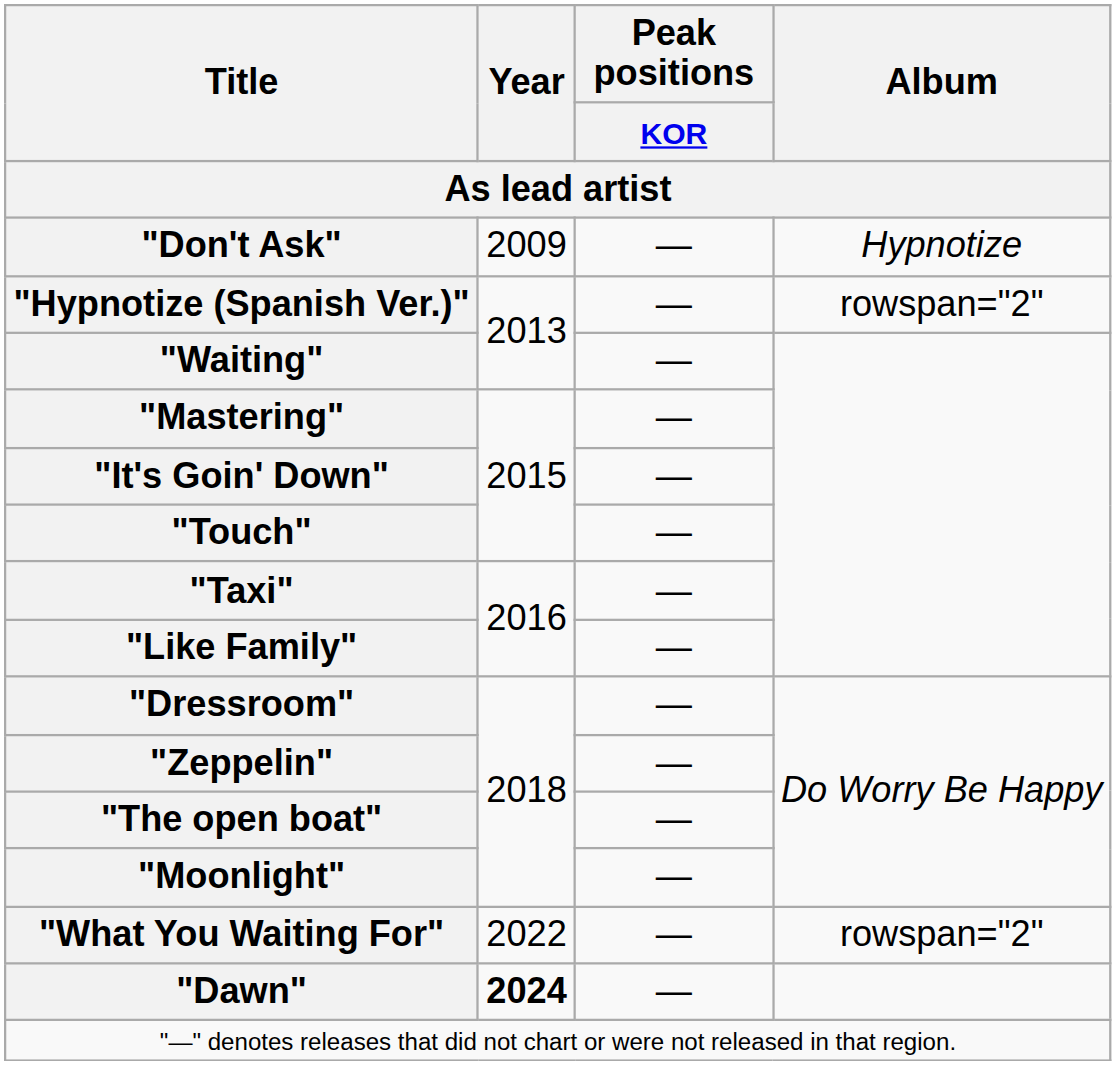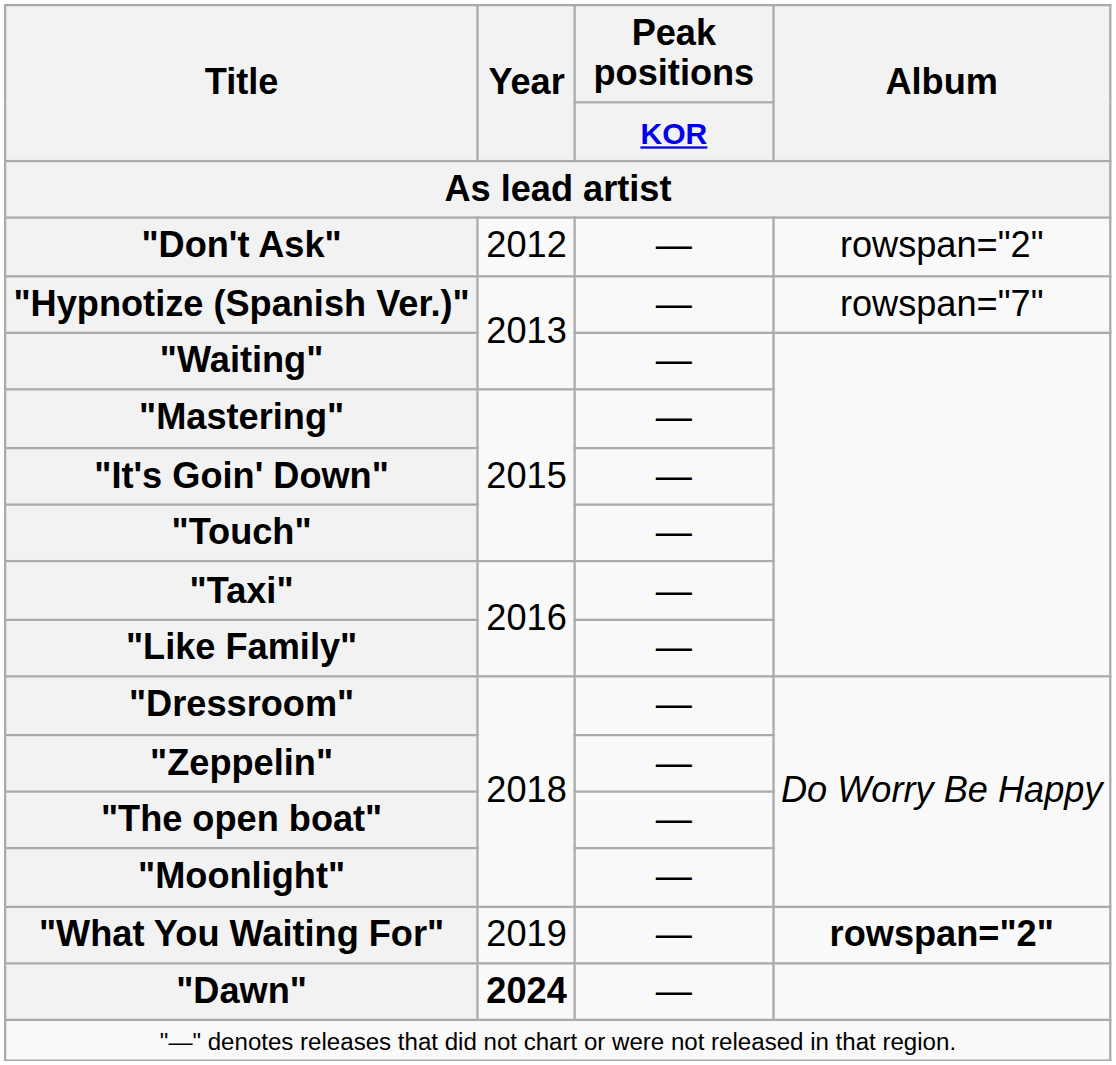 <table class="wikitable plainrowheaders" style="text-align:center;">
 <tr>
 <th scope="col" rowspan="2">Title</th>
 <th scope="col" rowspan="2">Year</th>
 <th scope="col" colspan="1" style="width:5em;">Peak positions</th>
 <th scope="col" rowspan="2">Album</th>
 </tr>
 <tr>
 <th><small><a href='#'>KOR</a></small><br></th>
 </tr>
 <tr>
 <th scope="col" colspan="5">As lead artist</th>
 </tr>
 <tr>
 <th scope="row">"Don't Ask"   </th>
-<td>2009</td>
+<td>2012</td>
 <td>—</td>
-<td><em>Hypnotize</em></td>
+<td>rowspan="2" </td>
 </tr>
 <tr>
 <th scope="row">"Hypnotize (Spanish Ver.)" </th>
 <td rowspan="2">2013</td>
 <td>—</td>
-<td>rowspan="2" </td>
+<td>rowspan="7" </td>
 </tr>
 <tr>
 <th scope="row">"Waiting"  </th>
 <td>—</td>
 </tr>
 <tr>
 <th scope="row">"Mastering" </th>
 <td rowspan="3">2015</td>
 <td>—</td>
 </tr>
 <tr>
 <th scope="row">"It's Goin' Down" </th>
 <td>—</td>
 </tr>
 <tr>
 <th scope="row">"Touch"</th>
 <td>—</td>
 </tr>
 <tr>
 <th scope="row">"Taxi"</th>
 <td rowspan="2">2016</td>
 <td>—</td>
 </tr>
 <tr>
 <th scope="row">"Like Family" </th>
 <td>—</td>
 </tr>
 <tr>
 <th scope="row">"Dressroom" </th>
 <td rowspan="4">2018</td>
 <td>—</td>
 <td rowspan="4"><em>Do Worry Be Happy</em></td>
 </tr>
 <tr>
 <th scope="row">"Zeppelin" </th>
 <td>—</td>
 </tr>
 <tr>
 <th scope="row">"The open boat"  </th>
 <td>—</td>
 </tr>
 <tr>
 <th scope="row">"Moonlight"   </th>
 <td>—</td>
 </tr>
 <tr>
 <th scope="row">"What You Waiting For"  </th>
-<td>2022</td>
+<td>2019</td>
 <td>—</td>
-<td>rowspan="2" </td>
+<td><strong>rowspan="2" </strong></td>
 </tr>
 <tr>
 <th scope="row">"Dawn"</th>
 <td><strong>2024</strong></td>
 <td>—</td>
 </tr>
 <tr>
 <td colspan="4" style="font-size:8pt">"—" denotes releases that did not chart or were not released in that region.</td>
 </tr>
 </table>
